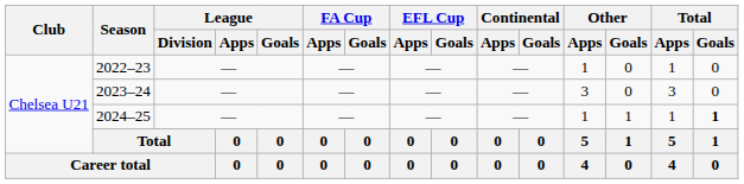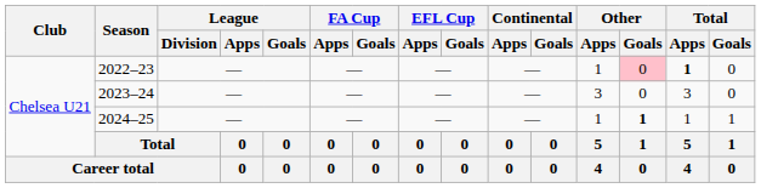 <table class="wikitable" style="text-align: center;">
 <tr>
 <th rowspan=2>Club</th>
 <th rowspan=2>Season</th>
 <th colspan=3>League</th>
 <th colspan=2><a href='#'>FA Cup</a></th>
 <th colspan=2><a href='#'>EFL Cup</a></th>
 <th colspan=2>Continental</th>
 <th colspan=2>Other</th>
 <th colspan=2>Total</th>
 </tr>
 <tr>
 <th>Division</th>
 <th>Apps</th>
 <th>Goals</th>
 <th>Apps</th>
 <th>Goals</th>
 <th>Apps</th>
 <th>Goals</th>
 <th>Apps</th>
 <th>Goals</th>
 <th>Apps</th>
 <th>Goals</th>
 <th>Apps</th>
 <th>Goals</th>
 </tr>
 <tr>
 <td rowspan=4><a href='#'>Chelsea U21</a></td>
 <td>2022–23</td>
 <td colspan=3>—</td>
 <td colspan=2>—</td>
 <td colspan=2>—</td>
 <td colspan=2>—</td>
 <td>1</td>
-<td>0</td>
-<td>1</td>
+<td style="background: pink;">0</td>
+<td><strong>1</strong></td>
 <td>0</td>
 </tr>
 <tr>
 <td>2023–24</td>
 <td colspan=3>—</td>
 <td colspan=2>—</td>
 <td colspan=2>—</td>
 <td colspan=2>—</td>
 <td>3</td>
 <td>0</td>
 <td>3</td>
 <td>0</td>
 </tr>
 <tr>
 <td>2024–25</td>
 <td colspan=3>—</td>
 <td colspan=2>—</td>
 <td colspan=2>—</td>
 <td colspan=2>—</td>
 <td>1</td>
+<td><strong>1</strong></td>
 <td>1</td>
 <td>1</td>
-<td><strong>1</strong></td>
 </tr>
 <tr>
 <th colspan="2">Total</th>
 <th>0</th>
 <th>0</th>
 <th>0</th>
 <th>0</th>
 <th>0</th>
 <th>0</th>
 <th>0</th>
 <th>0</th>
 <th>5</th>
 <th>1</th>
 <th>5</th>
 <th>1</th>
 </tr>
 <tr>
 <th colspan=3>Career total</th>
 <th>0</th>
 <th>0</th>
 <th>0</th>
 <th>0</th>
 <th>0</th>
 <th>0</th>
 <th>0</th>
 <th>0</th>
 <th>4</th>
 <th>0</th>
 <th>4</th>
 <th>0</th>
 </tr>
 </table>
